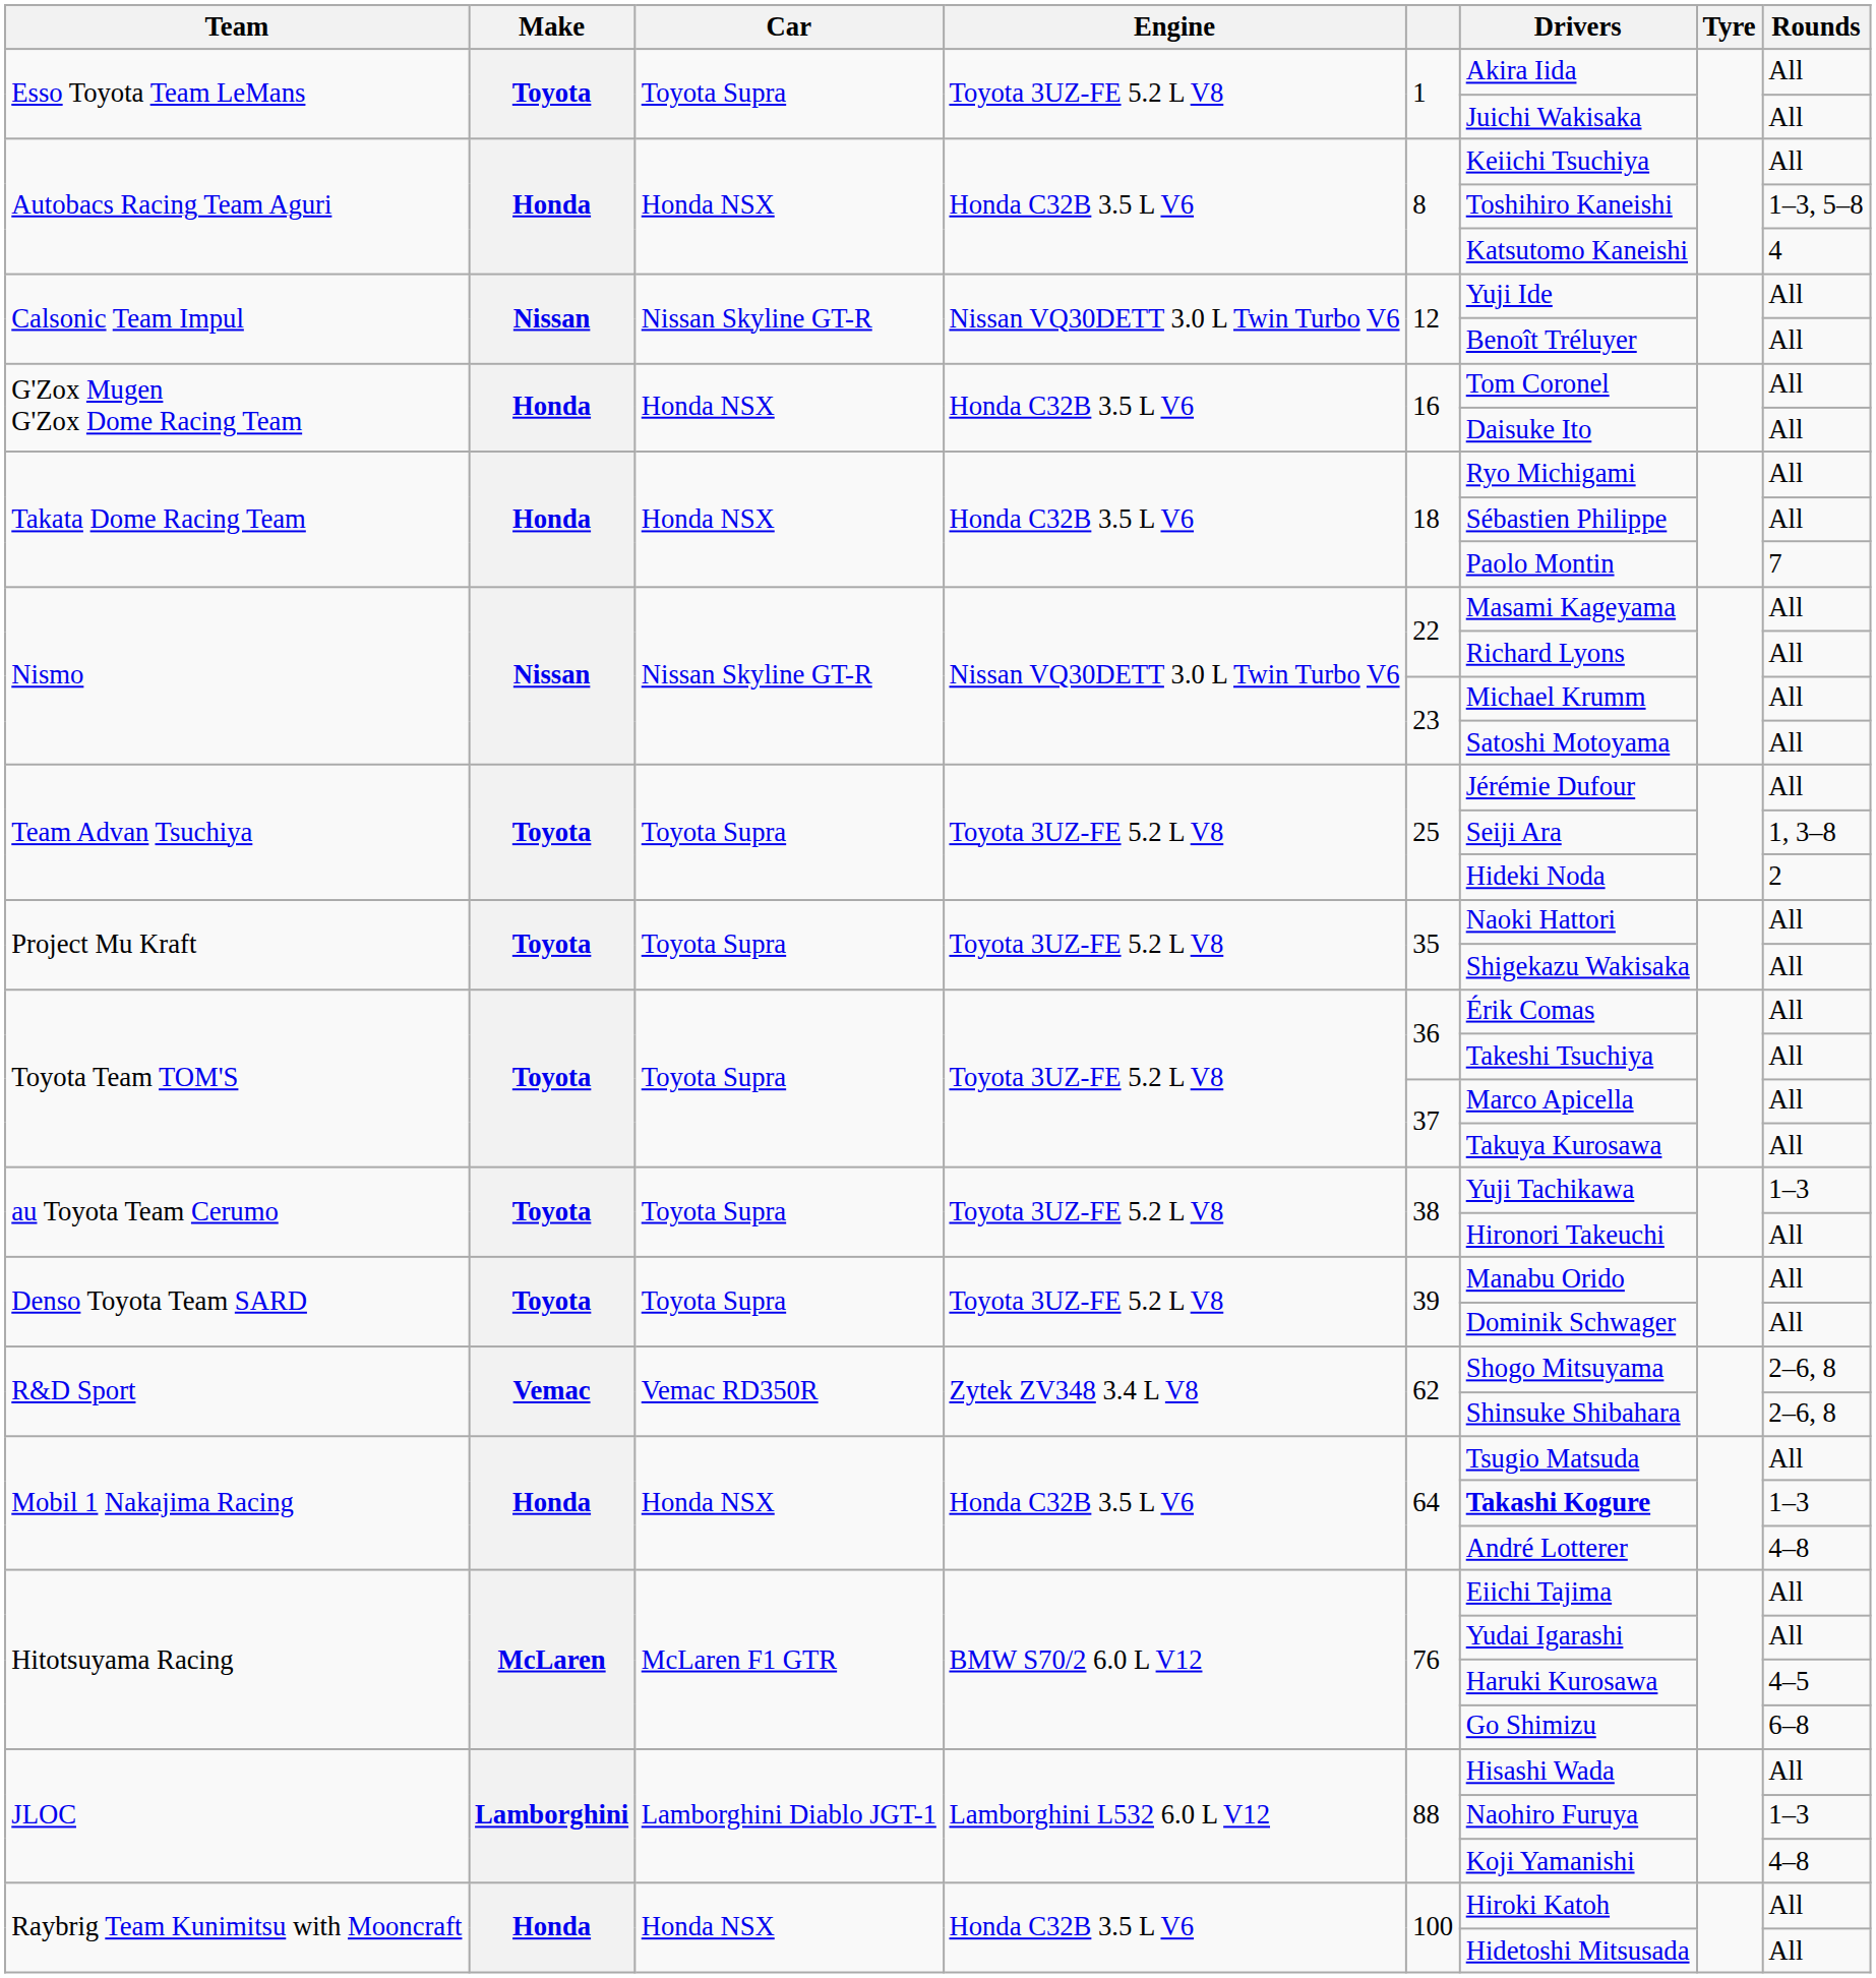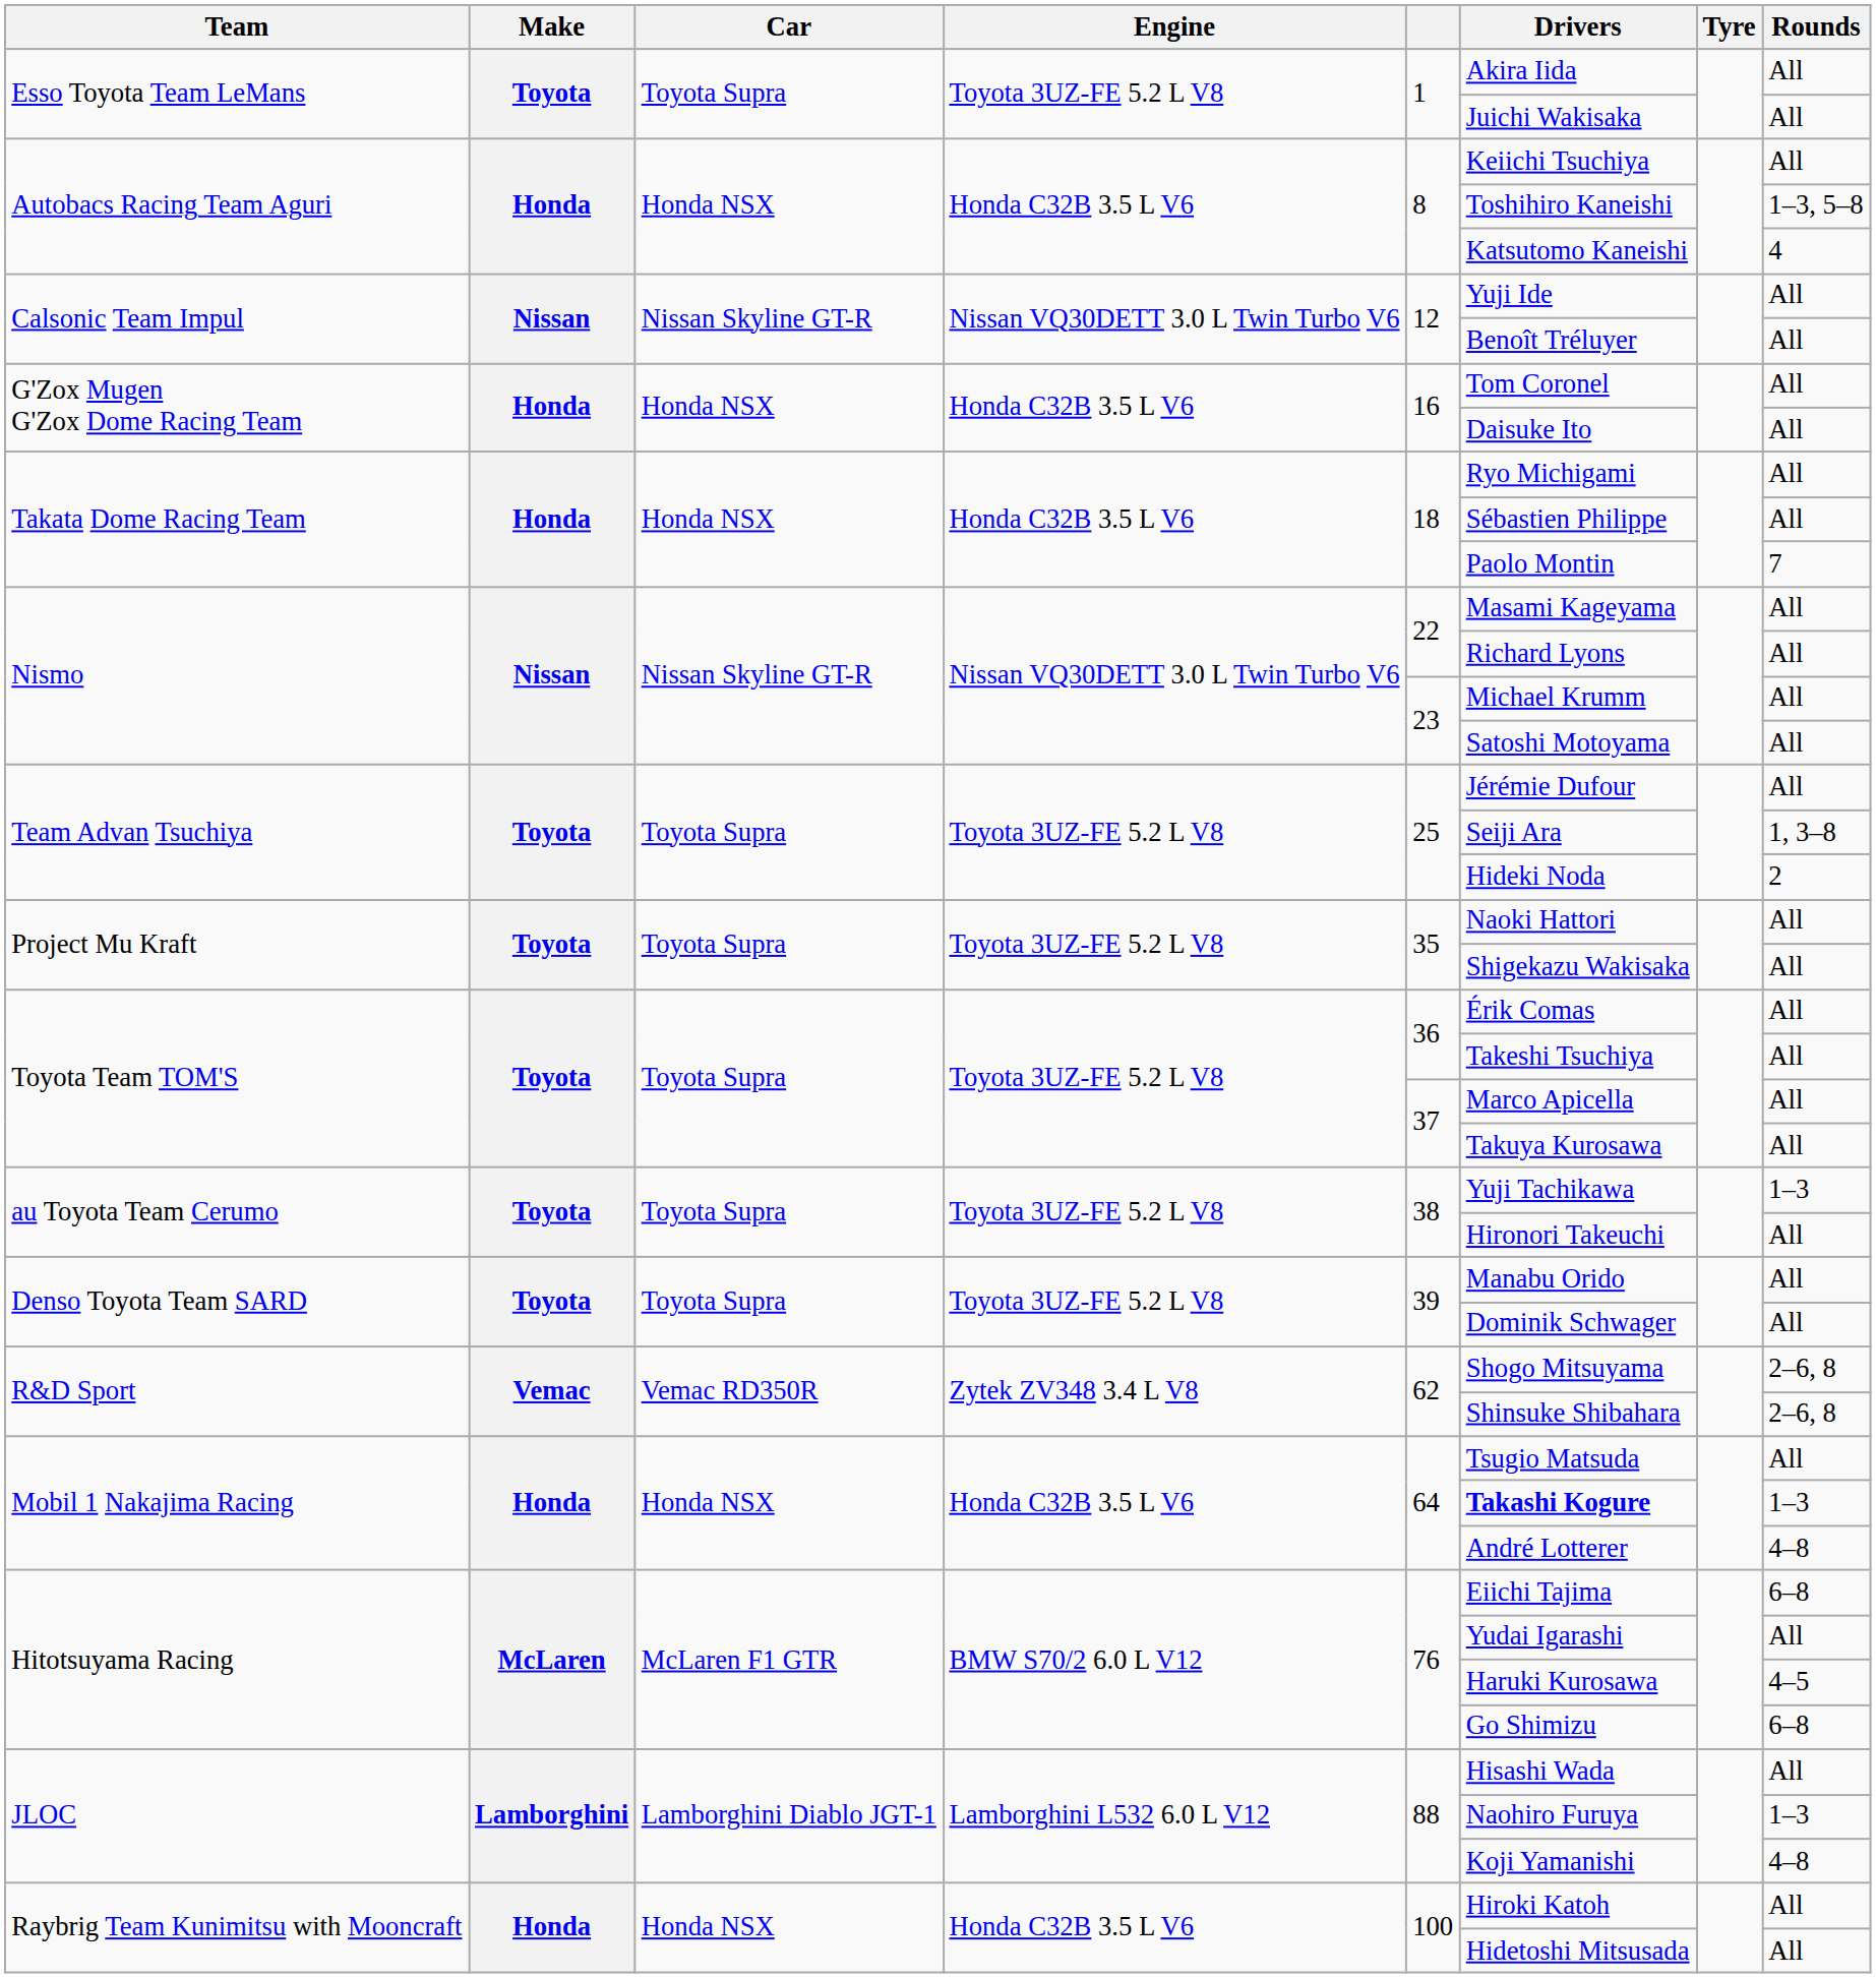 <table class="wikitable" style="font-size: 85%;">
 <tr>
 <th>Team</th>
 <th>Make</th>
 <th>Car</th>
 <th>Engine</th>
 <th></th>
 <th>Drivers</th>
 <th>Tyre</th>
 <th>Rounds</th>
 </tr>
 <tr>
 <td rowspan=2><a href='#'>Esso</a> Toyota <a href='#'>Team LeMans</a></td>
 <th rowspan=2><a href='#'>Toyota</a></th>
 <td rowspan=2><a href='#'>Toyota Supra</a></td>
 <td rowspan=2><a href='#'>Toyota 3UZ-FE</a> 5.2 L <a href='#'>V8</a></td>
 <td rowspan=2>1</td>
 <td> <a href='#'>Akira Iida</a></td>
 <td rowspan=2 align="center"></td>
 <td>All</td>
 </tr>
 <tr>
 <td> <a href='#'>Juichi Wakisaka</a></td>
 <td>All</td>
 </tr>
 <tr>
 <td rowspan=3><a href='#'>Autobacs Racing Team Aguri</a></td>
 <th rowspan=3><a href='#'>Honda</a></th>
 <td rowspan=3><a href='#'>Honda NSX</a></td>
 <td rowspan=3><a href='#'>Honda C32B</a> 3.5 L <a href='#'>V6</a></td>
 <td rowspan=3>8</td>
 <td> <a href='#'>Keiichi Tsuchiya</a></td>
 <td rowspan=3 align="center"></td>
 <td>All</td>
 </tr>
 <tr>
 <td> <a href='#'>Toshihiro Kaneishi</a></td>
 <td>1–3, 5–8</td>
 </tr>
 <tr>
 <td> <a href='#'>Katsutomo Kaneishi</a></td>
 <td>4</td>
 </tr>
 <tr>
 <td rowspan=2><a href='#'>Calsonic</a> <a href='#'>Team Impul</a></td>
 <th rowspan=2><a href='#'>Nissan</a></th>
 <td rowspan=2><a href='#'>Nissan Skyline GT-R</a></td>
 <td rowspan=2><a href='#'>Nissan VQ30DETT</a> 3.0 L <a href='#'>Twin Turbo</a> <a href='#'>V6</a></td>
 <td rowspan=2>12</td>
 <td> <a href='#'>Yuji Ide</a></td>
 <td rowspan=2 align="center"></td>
 <td>All</td>
 </tr>
 <tr>
 <td> <a href='#'>Benoît Tréluyer</a></td>
 <td>All</td>
 </tr>
 <tr>
 <td rowspan=2>G'Zox <a href='#'>Mugen</a><br>G'Zox <a href='#'>Dome Racing Team</a></td>
 <th rowspan=2><a href='#'>Honda</a></th>
 <td rowspan=2><a href='#'>Honda NSX</a></td>
 <td rowspan=2><a href='#'>Honda C32B</a> 3.5 L <a href='#'>V6</a></td>
 <td rowspan=2>16</td>
 <td> <a href='#'>Tom Coronel</a></td>
 <td rowspan=2 align="center"></td>
 <td>All</td>
 </tr>
 <tr>
 <td> <a href='#'>Daisuke Ito</a></td>
 <td>All</td>
 </tr>
 <tr>
 <td rowspan=3><a href='#'>Takata</a> <a href='#'>Dome Racing Team</a></td>
 <th rowspan=3><a href='#'>Honda</a></th>
 <td rowspan=3><a href='#'>Honda NSX</a></td>
 <td rowspan=3><a href='#'>Honda C32B</a> 3.5 L <a href='#'>V6</a></td>
 <td rowspan=3>18</td>
 <td> <a href='#'>Ryo Michigami</a></td>
 <td rowspan=3 align="center"></td>
 <td>All</td>
 </tr>
 <tr>
 <td> <a href='#'>Sébastien Philippe</a></td>
 <td>All</td>
 </tr>
 <tr>
 <td> <a href='#'>Paolo Montin</a></td>
 <td>7</td>
 </tr>
 <tr>
 <td rowspan=4><a href='#'>Nismo</a></td>
 <th rowspan=4><a href='#'>Nissan</a></th>
 <td rowspan=4><a href='#'>Nissan Skyline GT-R</a></td>
 <td rowspan=4><a href='#'>Nissan VQ30DETT</a> 3.0 L <a href='#'>Twin Turbo</a> <a href='#'>V6</a></td>
 <td rowspan=2>22</td>
 <td> <a href='#'>Masami Kageyama</a></td>
 <td rowspan=4 align="center"></td>
 <td>All</td>
 </tr>
 <tr>
 <td> <a href='#'>Richard Lyons</a></td>
 <td>All</td>
 </tr>
 <tr>
 <td rowspan=2>23</td>
 <td> <a href='#'>Michael Krumm</a></td>
 <td>All</td>
 </tr>
 <tr>
 <td> <a href='#'>Satoshi Motoyama</a></td>
 <td>All</td>
 </tr>
 <tr>
 <td rowspan=3><a href='#'>Team Advan</a> <a href='#'>Tsuchiya</a></td>
 <th rowspan=3><a href='#'>Toyota</a></th>
 <td rowspan=3><a href='#'>Toyota Supra</a></td>
 <td rowspan=3><a href='#'>Toyota 3UZ-FE</a> 5.2 L <a href='#'>V8</a></td>
 <td rowspan=3>25</td>
 <td> <a href='#'>Jérémie Dufour</a></td>
 <td rowspan=3 align="center"></td>
 <td>All</td>
 </tr>
 <tr>
 <td> <a href='#'>Seiji Ara</a></td>
 <td>1, 3–8</td>
 </tr>
 <tr>
 <td> <a href='#'>Hideki Noda</a></td>
 <td>2</td>
 </tr>
 <tr>
 <td rowspan=2>Project Mu Kraft</td>
 <th rowspan=2><a href='#'>Toyota</a></th>
 <td rowspan=2><a href='#'>Toyota Supra</a></td>
 <td rowspan=2><a href='#'>Toyota 3UZ-FE</a> 5.2 L <a href='#'>V8</a></td>
 <td rowspan=2>35</td>
 <td> <a href='#'>Naoki Hattori</a></td>
 <td rowspan=2 align="center"></td>
 <td>All</td>
 </tr>
 <tr>
 <td> <a href='#'>Shigekazu Wakisaka</a></td>
 <td>All</td>
 </tr>
 <tr>
 <td rowspan=4>Toyota Team <a href='#'>TOM'S</a></td>
 <th rowspan=4><a href='#'>Toyota</a></th>
 <td rowspan=4><a href='#'>Toyota Supra</a></td>
 <td rowspan=4><a href='#'>Toyota 3UZ-FE</a> 5.2 L <a href='#'>V8</a></td>
 <td rowspan=2>36</td>
 <td> <a href='#'>Érik Comas</a></td>
 <td rowspan=4 align="center"></td>
 <td>All</td>
 </tr>
 <tr>
 <td> <a href='#'>Takeshi Tsuchiya</a></td>
 <td>All</td>
 </tr>
 <tr>
 <td rowspan=2>37</td>
 <td> <a href='#'>Marco Apicella</a></td>
 <td>All</td>
 </tr>
 <tr>
 <td> <a href='#'>Takuya Kurosawa</a></td>
 <td>All</td>
 </tr>
 <tr>
 <td rowspan=2><a href='#'>au</a> Toyota Team <a href='#'>Cerumo</a></td>
 <th rowspan=2><a href='#'>Toyota</a></th>
 <td rowspan=2><a href='#'>Toyota Supra</a></td>
 <td rowspan=2><a href='#'>Toyota 3UZ-FE</a> 5.2 L <a href='#'>V8</a></td>
 <td rowspan=2>38</td>
 <td> <a href='#'>Yuji Tachikawa</a></td>
 <td rowspan=2 align="center"></td>
 <td>1–3</td>
 </tr>
 <tr>
 <td> <a href='#'>Hironori Takeuchi</a></td>
 <td>All</td>
 </tr>
 <tr>
 <td rowspan=2><a href='#'>Denso</a> Toyota Team <a href='#'>SARD</a></td>
 <th rowspan=2><a href='#'>Toyota</a></th>
 <td rowspan=2><a href='#'>Toyota Supra</a></td>
 <td rowspan=2><a href='#'>Toyota 3UZ-FE</a> 5.2 L <a href='#'>V8</a></td>
 <td rowspan=2>39</td>
 <td> <a href='#'>Manabu Orido</a></td>
 <td rowspan=2 align="center"></td>
 <td>All</td>
 </tr>
 <tr>
 <td> <a href='#'>Dominik Schwager</a></td>
 <td>All</td>
 </tr>
 <tr>
 <td rowspan=2><a href='#'>R&D Sport</a></td>
 <th rowspan=2><a href='#'>Vemac</a></th>
 <td rowspan=2><a href='#'>Vemac RD350R</a></td>
 <td rowspan=2><a href='#'>Zytek ZV348</a> 3.4 L <a href='#'>V8</a></td>
 <td rowspan=2>62</td>
 <td> <a href='#'>Shogo Mitsuyama</a></td>
 <td rowspan=2 align="center"></td>
 <td>2–6, 8</td>
 </tr>
 <tr>
 <td> <a href='#'>Shinsuke Shibahara</a></td>
 <td>2–6, 8</td>
 </tr>
 <tr>
 <td rowspan=3><a href='#'>Mobil 1</a> <a href='#'>Nakajima Racing</a></td>
 <th rowspan=3><a href='#'>Honda</a></th>
 <td rowspan=3><a href='#'>Honda NSX</a></td>
 <td rowspan=3><a href='#'>Honda C32B</a> 3.5 L <a href='#'>V6</a></td>
 <td rowspan=3>64</td>
 <td> <a href='#'>Tsugio Matsuda</a></td>
 <td rowspan=3 align="center"></td>
 <td>All</td>
 </tr>
 <tr>
 <td><strong> <a href='#'>Takashi Kogure</a></strong></td>
 <td>1–3</td>
 </tr>
 <tr>
 <td> <a href='#'>André Lotterer</a></td>
 <td>4–8</td>
 </tr>
 <tr>
 <td rowspan=4>Hitotsuyama Racing</td>
 <th rowspan=4><a href='#'>McLaren</a></th>
 <td rowspan=4><a href='#'>McLaren F1 GTR</a></td>
 <td rowspan=4><a href='#'>BMW S70/2</a> 6.0 L <a href='#'>V12</a></td>
 <td rowspan=4>76</td>
 <td> <a href='#'>Eiichi Tajima</a></td>
 <td rowspan=4 align="center"></td>
-<td>All</td>
+<td>6–8</td>
 </tr>
 <tr>
 <td> <a href='#'>Yudai Igarashi</a></td>
 <td>All</td>
 </tr>
 <tr>
 <td> <a href='#'>Haruki Kurosawa</a></td>
 <td>4–5</td>
 </tr>
 <tr>
 <td> <a href='#'>Go Shimizu</a></td>
 <td>6–8</td>
 </tr>
 <tr>
 <td rowspan=3><a href='#'>JLOC</a></td>
 <th rowspan=3><a href='#'>Lamborghini</a></th>
 <td rowspan=3><a href='#'>Lamborghini Diablo JGT-1</a></td>
 <td rowspan=3><a href='#'>Lamborghini L532</a> 6.0 L <a href='#'>V12</a></td>
 <td rowspan=3>88</td>
 <td> <a href='#'>Hisashi Wada</a></td>
 <td rowspan=3 align="center"></td>
 <td>All</td>
 </tr>
 <tr>
 <td> <a href='#'>Naohiro Furuya</a></td>
 <td>1–3</td>
 </tr>
 <tr>
 <td> <a href='#'>Koji Yamanishi</a></td>
 <td>4–8</td>
 </tr>
 <tr>
 <td rowspan=2>Raybrig <a href='#'>Team Kunimitsu</a> with <a href='#'>Mooncraft</a></td>
 <th rowspan=2><a href='#'>Honda</a></th>
 <td rowspan=2><a href='#'>Honda NSX</a></td>
 <td rowspan=2><a href='#'>Honda C32B</a> 3.5 L <a href='#'>V6</a></td>
 <td rowspan=2>100</td>
 <td> <a href='#'>Hiroki Katoh</a></td>
 <td rowspan=2 align="center"></td>
 <td>All</td>
 </tr>
 <tr>
 <td> <a href='#'>Hidetoshi Mitsusada</a></td>
 <td>All</td>
 </tr>
 </table>
